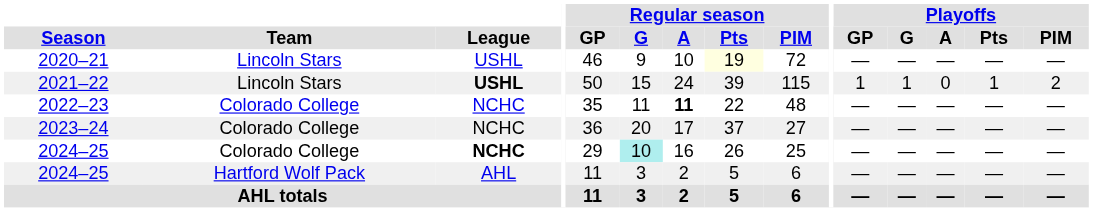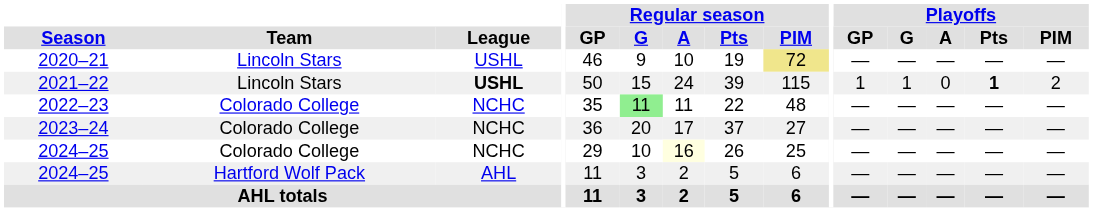 <table border="0" cellpadding="1" cellspacing="0" style="text-align:center; width:60em">
 <tr bgcolor="#e0e0e0">
 <th colspan="3" bgcolor="#ffffff"></th>
 <th rowspan="101" bgcolor="#ffffff"></th>
 <th colspan="5"><a href='#'>Regular season</a></th>
 <th rowspan="101" bgcolor="#ffffff"></th>
 <th colspan="5"><a href='#'>Playoffs</a></th>
 </tr>
 <tr bgcolor="#e0e0e0">
 <th><a href='#'>Season</a></th>
 <th>Team</th>
 <th>League</th>
 <th>GP</th>
 <th><a href='#'>G</a></th>
 <th><a href='#'>A</a></th>
 <th><a href='#'>Pts</a></th>
 <th><a href='#'>PIM</a></th>
 <th>GP</th>
 <th>G</th>
 <th>A</th>
 <th>Pts</th>
 <th>PIM</th>
 </tr>
 <tr>
 <td><a href='#'>2020–21</a></td>
 <td><a href='#'>Lincoln Stars</a></td>
 <td><a href='#'>USHL</a></td>
 <td>46</td>
 <td>9</td>
 <td>10</td>
-<td style="background: lightyellow;">19</td>
-<td>72</td>
+<td>19</td>
+<td style="background: khaki;">72</td>
 <td>—</td>
 <td>—</td>
 <td>—</td>
 <td>—</td>
 <td>—</td>
 </tr>
 <tr bgcolor="#f0f0f0">
 <td><a href='#'>2021–22</a></td>
 <td>Lincoln Stars</td>
 <td><strong>USHL</strong></td>
 <td>50</td>
 <td>15</td>
 <td>24</td>
 <td>39</td>
 <td>115</td>
 <td>1</td>
 <td>1</td>
 <td>0</td>
-<td>1</td>
+<td><strong>1</strong></td>
 <td>2</td>
 </tr>
 <tr>
 <td><a href='#'>2022–23</a></td>
 <td><a href='#'>Colorado College</a></td>
 <td><a href='#'>NCHC</a></td>
 <td>35</td>
+<td style="background: lightgreen;">11</td>
 <td>11</td>
-<td><strong>11</strong></td>
 <td>22</td>
 <td>48</td>
 <td>—</td>
 <td>—</td>
 <td>—</td>
 <td>—</td>
 <td>—</td>
 </tr>
 <tr bgcolor="#f0f0f0">
 <td><a href='#'>2023–24</a></td>
 <td>Colorado College</td>
 <td>NCHC</td>
 <td>36</td>
 <td>20</td>
 <td>17</td>
 <td>37</td>
 <td>27</td>
 <td>—</td>
 <td>—</td>
 <td>—</td>
 <td>—</td>
 <td>—</td>
 </tr>
 <tr>
 <td><a href='#'>2024–25</a></td>
 <td>Colorado College</td>
-<td><strong>NCHC</strong></td>
+<td>NCHC</td>
 <td>29</td>
-<td style="background: paleturquoise;">10</td>
-<td>16</td>
+<td>10</td>
+<td style="background: lightyellow;">16</td>
 <td>26</td>
 <td>25</td>
 <td>—</td>
 <td>—</td>
 <td>—</td>
 <td>—</td>
 <td>—</td>
 </tr>
 <tr bgcolor="#f0f0f0">
 <td><a href='#'>2024–25</a></td>
 <td><a href='#'>Hartford Wolf Pack</a></td>
 <td><a href='#'>AHL</a></td>
 <td>11</td>
 <td>3</td>
 <td>2</td>
 <td>5</td>
 <td>6</td>
 <td>—</td>
 <td>—</td>
 <td>—</td>
 <td>—</td>
 <td>—</td>
 </tr>
 <tr bgcolor="#e0e0e0">
 <th colspan="3">AHL totals</th>
 <th>11</th>
 <th>3</th>
 <th>2</th>
 <th>5</th>
 <th>6</th>
 <th>—</th>
 <th>—</th>
 <th>—</th>
 <th>—</th>
 <th>—</th>
 </tr>
 </table>
